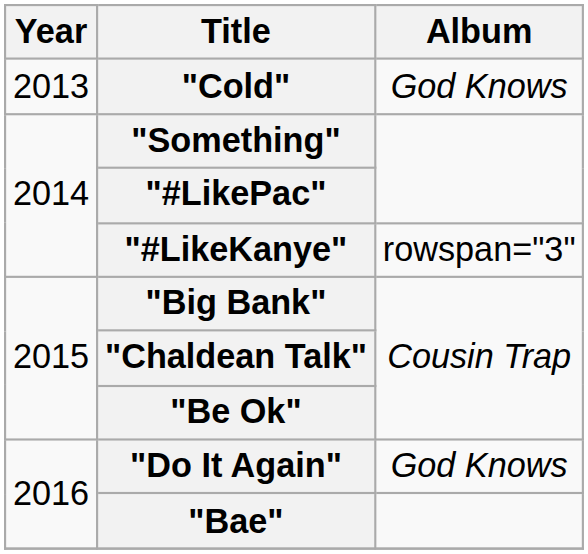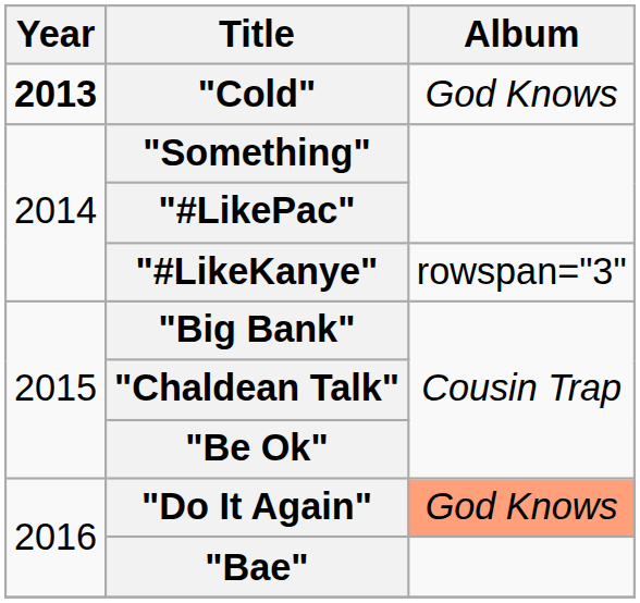 <table class="wikitable plainrowheaders" style="text-align:center;">
 <tr>
 <th scope="col">Year</th>
 <th scope="col">Title</th>
 <th scope="col">Album</th>
 </tr>
 <tr>
-<td>2013</td>
+<td><strong>2013</strong></td>
 <th scope="row">"Cold"</th>
 <td><em>God Knows</em></td>
 </tr>
 <tr>
 <td rowspan="3">2014</td>
 <th scope="row">"Something"<br></th>
 </tr>
 <tr>
 <th scope="row">"#LikePac"<br></th>
 </tr>
 <tr>
 <th scope="row">"#LikeKanye"</th>
 <td>rowspan="3" </td>
 </tr>
 <tr>
 <td rowspan="3">2015</td>
 <th scope="row">"Big Bank"<br></th>
 <td rowspan="3"><em>Cousin Trap</em></td>
 </tr>
 <tr>
 <th scope="row">"Chaldean Talk"<br></th>
 </tr>
 <tr>
 <th scope="row">"Be Ok"<br></th>
 </tr>
 <tr>
 <td rowspan="2">2016</td>
 <th scope="row">"Do It Again"<br></th>
-<td><em>God Knows</em></td>
+<td style="background: lightsalmon;"><em>God Knows</em></td>
 </tr>
 <tr>
 <th scope="row">"Bae"<br></th>
 <td></td>
 </tr>
 <tr>
 </tr>
 </table>
